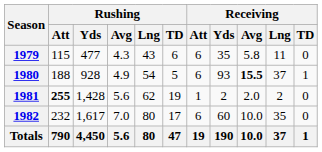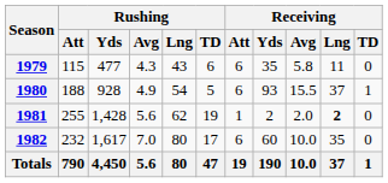 <table class=wikitable style="text-align:center;">
 <tr>
 <th rowspan="2">Season</th>
 <th colspan="5">Rushing</th>
 <th colspan="5">Receiving</th>
 </tr>
 <tr>
 <th>Att</th>
 <th>Yds</th>
 <th>Avg</th>
 <th>Lng</th>
 <th>TD</th>
 <th>Att</th>
 <th>Yds</th>
 <th>Avg</th>
 <th>Lng</th>
 <th>TD</th>
 </tr>
 <tr>
 <th><a href='#'>1979</a></th>
 <td>115</td>
 <td>477</td>
 <td>4.3</td>
 <td>43</td>
 <td>6</td>
 <td>6</td>
 <td>35</td>
 <td>5.8</td>
 <td>11</td>
 <td>0</td>
 </tr>
 <tr>
 <th><a href='#'>1980</a></th>
 <td>188</td>
 <td>928</td>
 <td>4.9</td>
 <td>54</td>
 <td>5</td>
 <td>6</td>
 <td>93</td>
-<td><strong>15.5</strong></td>
+<td>15.5</td>
 <td>37</td>
 <td>1</td>
 </tr>
 <tr>
 <th><a href='#'>1981</a></th>
-<td><strong>255</strong></td>
+<td>255</td>
 <td>1,428</td>
 <td>5.6</td>
 <td>62</td>
 <td>19</td>
 <td>1</td>
 <td>2</td>
 <td>2.0</td>
-<td>2</td>
+<td><strong>2</strong></td>
 <td>0</td>
 </tr>
 <tr>
 <th><a href='#'>1982</a></th>
 <td>232</td>
 <td>1,617</td>
 <td>7.0</td>
 <td>80</td>
 <td>17</td>
 <td>6</td>
 <td>60</td>
 <td>10.0</td>
 <td>35</td>
 <td>0</td>
 </tr>
 <tr>
 <th>Totals</th>
 <th>790</th>
 <th>4,450</th>
 <th>5.6</th>
 <th>80</th>
 <th>47</th>
 <th>19</th>
 <th>190</th>
 <th>10.0</th>
 <th>37</th>
 <th>1</th>
 </tr>
 </table>
